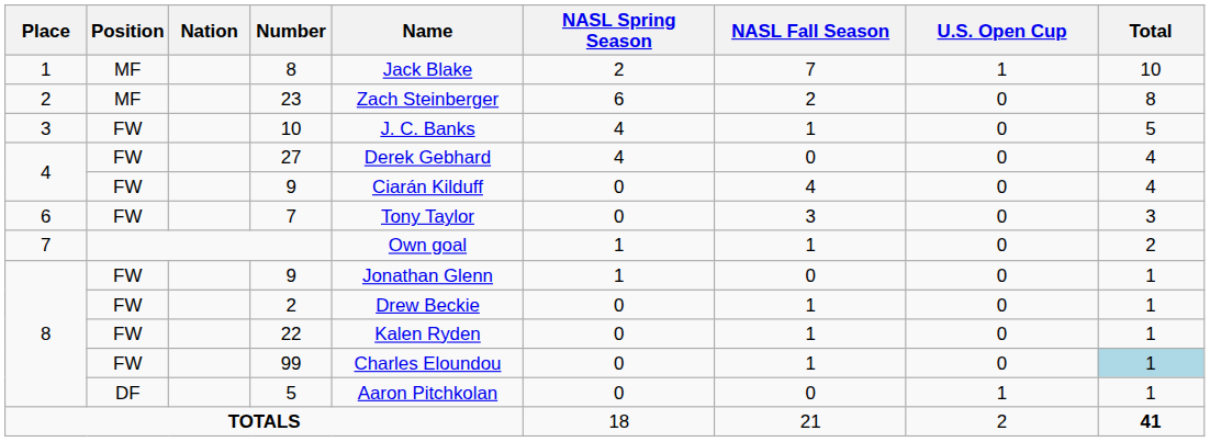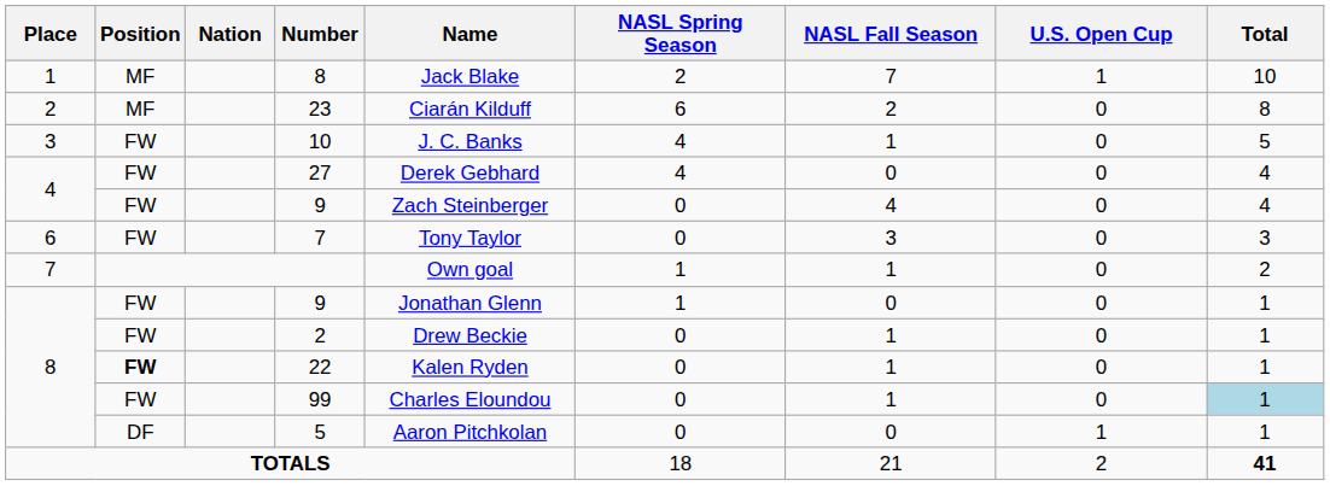 <table class="wikitable" style="font-size: 95%; text-align: center;">
 <tr>
 <th width=60>Place</th>
 <th width=60>Position</th>
 <th width=60>Nation</th>
 <th width=60>Number</th>
 <th width=150>Name</th>
 <th width=150><a href='#'>NASL Spring Season</a></th>
 <th width=150><a href='#'>NASL Fall Season</a></th>
 <th width=150><a href='#'>U.S. Open Cup</a></th>
 <th width=80><strong>Total</strong></th>
 </tr>
 <tr>
 <td>1</td>
 <td>MF</td>
 <td></td>
 <td>8</td>
 <td><a href='#'>Jack Blake</a></td>
 <td>2</td>
 <td>7</td>
 <td>1</td>
 <td>10</td>
 </tr>
 <tr>
 <td>2</td>
 <td>MF</td>
 <td></td>
 <td>23</td>
-<td><a href='#'>Zach Steinberger</a></td>
+<td><a href='#'>Ciarán Kilduff</a></td>
 <td>6</td>
 <td>2</td>
 <td>0</td>
 <td>8</td>
 </tr>
 <tr>
 <td>3</td>
 <td>FW</td>
 <td></td>
 <td>10</td>
 <td><a href='#'>J. C. Banks</a></td>
 <td>4</td>
 <td>1</td>
 <td>0</td>
 <td>5</td>
 </tr>
 <tr>
 <td rowspan="2">4</td>
 <td>FW</td>
 <td></td>
 <td>27</td>
 <td><a href='#'>Derek Gebhard</a></td>
 <td>4</td>
 <td>0</td>
 <td>0</td>
 <td>4</td>
 </tr>
 <tr>
 <td>FW</td>
 <td></td>
 <td>9</td>
-<td><a href='#'>Ciarán Kilduff</a></td>
+<td><a href='#'>Zach Steinberger</a></td>
 <td>0</td>
 <td>4</td>
 <td>0</td>
 <td>4</td>
 </tr>
 <tr>
 <td>6</td>
 <td>FW</td>
 <td></td>
 <td>7</td>
 <td><a href='#'>Tony Taylor</a></td>
 <td>0</td>
 <td>3</td>
 <td>0</td>
 <td>3</td>
 </tr>
 <tr>
 <td>7</td>
 <td colspan="3"></td>
 <td><a href='#'>Own goal</a></td>
 <td>1</td>
 <td>1</td>
 <td>0</td>
 <td>2</td>
 </tr>
 <tr>
 <td rowspan="5">8</td>
 <td>FW</td>
 <td></td>
 <td>9</td>
 <td><a href='#'>Jonathan Glenn</a></td>
 <td>1</td>
 <td>0</td>
 <td>0</td>
 <td>1</td>
 </tr>
 <tr>
 <td>FW</td>
 <td></td>
 <td>2</td>
 <td><a href='#'>Drew Beckie</a></td>
 <td>0</td>
 <td>1</td>
 <td>0</td>
 <td>1</td>
 </tr>
 <tr>
-<td>FW</td>
+<td><strong>FW</strong></td>
 <td></td>
 <td>22</td>
 <td><a href='#'>Kalen Ryden</a></td>
 <td>0</td>
 <td>1</td>
 <td>0</td>
 <td>1</td>
 </tr>
 <tr>
 <td>FW</td>
 <td></td>
 <td>99</td>
 <td><a href='#'>Charles Eloundou</a></td>
 <td>0</td>
 <td>1</td>
 <td>0</td>
 <td style="background: lightblue;">1</td>
 </tr>
 <tr>
 <td>DF</td>
 <td></td>
 <td>5</td>
 <td><a href='#'>Aaron Pitchkolan</a></td>
 <td>0</td>
 <td>0</td>
 <td>1</td>
 <td>1</td>
 </tr>
 <tr>
 <td colspan="5"><strong>TOTALS</strong></td>
 <td>18</td>
 <td>21</td>
 <td>2</td>
 <td><strong>41</strong></td>
 </tr>
 </table>
